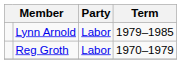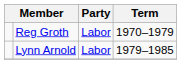 <table class="wikitable">
 <tr>
 <th colspan=2>Member</th>
 <th>Party</th>
 <th>Term</th>
 </tr>
 <tr>
 <td> </td>
+<td><a href='#'>Reg Groth</a></td>
+<td><a href='#'>Labor</a></td>
+<td>1970–1979</td>
+</tr>
+<tr>
+<td> </td>
 <td><a href='#'>Lynn Arnold</a></td>
 <td><a href='#'>Labor</a></td>
 <td>1979–1985</td>
 </tr>
 <tr>
-<td> </td>
-<td><a href='#'>Reg Groth</a></td>
-<td><a href='#'>Labor</a></td>
-<td>1970–1979</td>
-</tr>
-<tr>
 </tr>
 </table>
